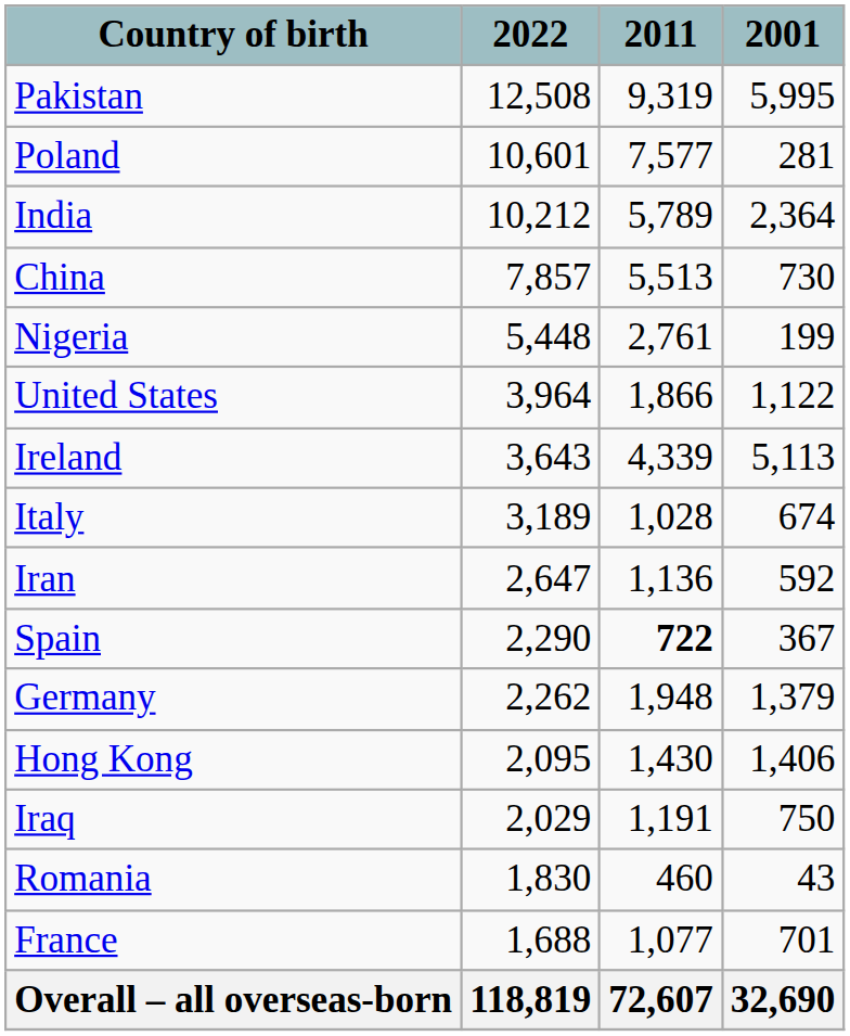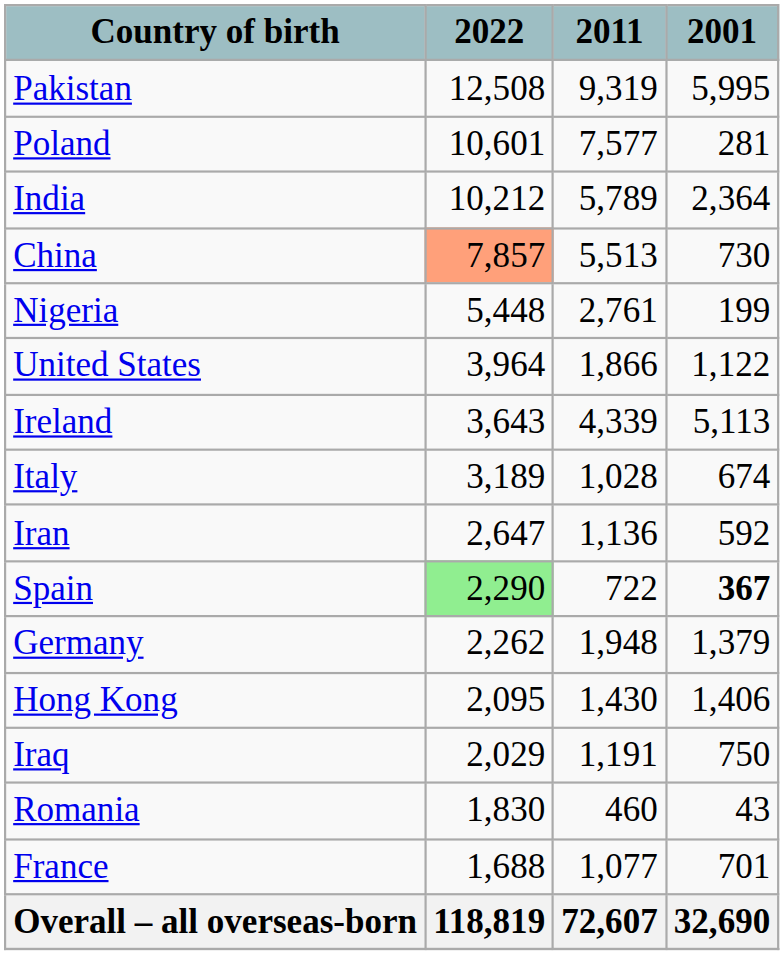 <table class="wikitable collapsible sortable">
 <tr>
 <th style="text-align:center; background:#9dbec3;">Country of birth</th>
 <th style="text-align:center; background:#9dbec3;">2022</th>
 <th style="text-align:center; background:#9dbec3;">2011</th>
 <th style="text-align:center; background:#9dbec3;">2001</th>
 </tr>
 <tr>
 <td border = "1"> <a href='#'>Pakistan</a></td>
 <td align="right">12,508</td>
 <td align="right">9,319</td>
 <td align="right">5,995</td>
 </tr>
 <tr>
 <td border = "1"> <a href='#'>Poland</a></td>
 <td align="right">10,601</td>
 <td align="right">7,577</td>
 <td align="right">281</td>
 </tr>
 <tr>
 <td border = "1"> <a href='#'>India</a></td>
 <td align="right">10,212</td>
 <td align="right">5,789</td>
 <td align="right">2,364</td>
 </tr>
 <tr>
 <td border = "1"> <a href='#'>China</a></td>
-<td align="right">7,857</td>
+<td align="right" style="background: lightsalmon;">7,857</td>
 <td align="right">5,513</td>
 <td align="right">730</td>
 </tr>
 <tr>
 <td border = "1"> <a href='#'>Nigeria</a></td>
 <td align="right">5,448</td>
 <td align="right">2,761</td>
 <td align="right">199</td>
 </tr>
 <tr>
 <td border = "1"> <a href='#'>United States</a></td>
 <td align="right">3,964</td>
 <td align="right">1,866</td>
 <td align="right">1,122</td>
 </tr>
 <tr>
 <td border = "1"> <a href='#'>Ireland</a></td>
 <td align="right">3,643</td>
 <td align="right">4,339</td>
 <td align="right">5,113</td>
 </tr>
 <tr>
 <td border = "1"> <a href='#'>Italy</a></td>
 <td align="right">3,189</td>
 <td align="right">1,028</td>
 <td align="right">674</td>
 </tr>
 <tr>
 <td border = "1"> <a href='#'>Iran</a></td>
 <td align="right">2,647</td>
 <td align="right">1,136</td>
 <td align="right">592</td>
 </tr>
 <tr>
 <td border = "1"> <a href='#'>Spain</a></td>
-<td align="right">2,290</td>
-<td align="right"><strong>722</strong></td>
-<td align="right">367</td>
+<td align="right" style="background: lightgreen;">2,290</td>
+<td align="right">722</td>
+<td align="right"><strong>367</strong></td>
 </tr>
 <tr>
 <td border = "1"> <a href='#'>Germany</a></td>
 <td align="right">2,262</td>
 <td align="right">1,948</td>
 <td align="right">1,379</td>
 </tr>
 <tr>
 <td border = "1"> <a href='#'>Hong Kong</a></td>
 <td align="right">2,095</td>
 <td align="right">1,430</td>
 <td align="right">1,406</td>
 </tr>
 <tr>
 <td border = "1"> <a href='#'>Iraq</a></td>
 <td align="right">2,029</td>
 <td align="right">1,191</td>
 <td align="right">750</td>
 </tr>
 <tr>
 <td border = "1"> <a href='#'>Romania</a></td>
 <td align="right">1,830</td>
 <td align="right">460</td>
 <td align="right">43</td>
 </tr>
 <tr>
 <td border = "1"> <a href='#'>France</a></td>
 <td align="right">1,688</td>
 <td align="right">1,077</td>
 <td align="right">701</td>
 </tr>
 <tr>
 <th border = "1">Overall – all overseas-born</th>
 <th align="right">118,819</th>
 <th align="right">72,607</th>
 <th align="right">32,690</th>
 </tr>
 <tr>
 </tr>
 </table>
